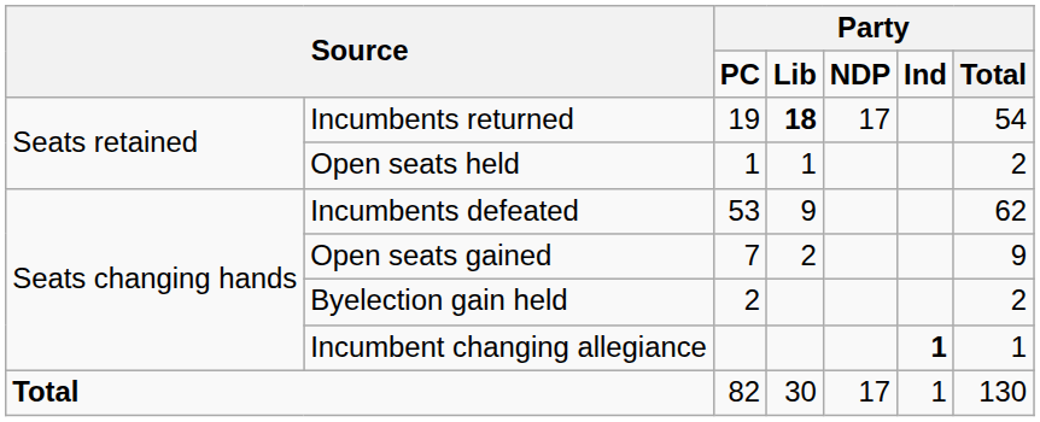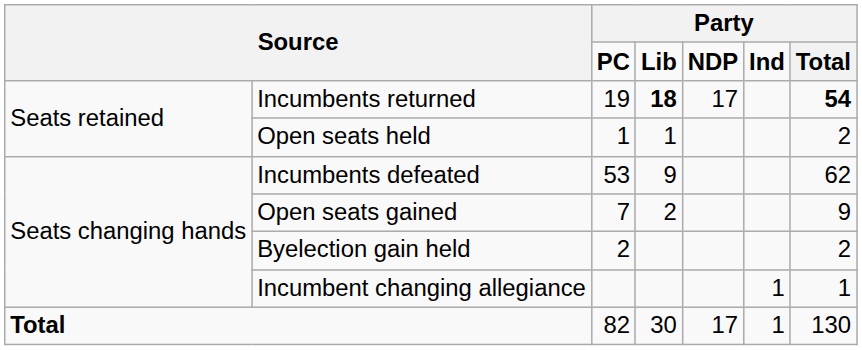 <table class="wikitable" style="text-align:right;">
 <tr>
 <th colspan="2" rowspan="2">Source</th>
 <th colspan="5">Party</th>
 </tr>
 <tr>
 <td><strong>PC</strong></td>
 <td><strong>Lib</strong></td>
 <td><strong>NDP</strong></td>
 <td><strong>Ind</strong></td>
 <th>Total</th>
 </tr>
 <tr>
 <td rowspan="2" style="text-align:left;">Seats retained</td>
 <td style="text-align:left;">Incumbents returned</td>
 <td>19</td>
 <td><strong>18</strong></td>
 <td>17</td>
 <td></td>
-<td>54</td>
+<td><strong>54</strong></td>
 </tr>
 <tr>
 <td style="text-align:left;">Open seats held</td>
 <td>1</td>
 <td>1</td>
 <td></td>
 <td></td>
 <td>2</td>
 </tr>
 <tr>
 <td rowspan="4" style="text-align:left;">Seats changing hands</td>
 <td style="text-align:left;">Incumbents defeated</td>
 <td>53</td>
 <td>9</td>
 <td></td>
 <td></td>
 <td>62</td>
 </tr>
 <tr>
 <td style="text-align:left;">Open seats gained</td>
 <td>7</td>
 <td>2</td>
 <td></td>
 <td></td>
 <td>9</td>
 </tr>
 <tr>
 <td style="text-align:left;">Byelection gain held</td>
 <td>2</td>
 <td></td>
 <td></td>
 <td></td>
 <td>2</td>
 </tr>
 <tr>
 <td style="text-align:left;">Incumbent changing allegiance</td>
 <td></td>
 <td></td>
 <td></td>
-<td><strong>1</strong></td>
+<td>1</td>
 <td>1</td>
 </tr>
 <tr>
 <td colspan="2" style="text-align:left;"><strong>Total</strong></td>
 <td>82</td>
 <td>30</td>
 <td>17</td>
 <td>1</td>
 <td>130</td>
 </tr>
 </table>
